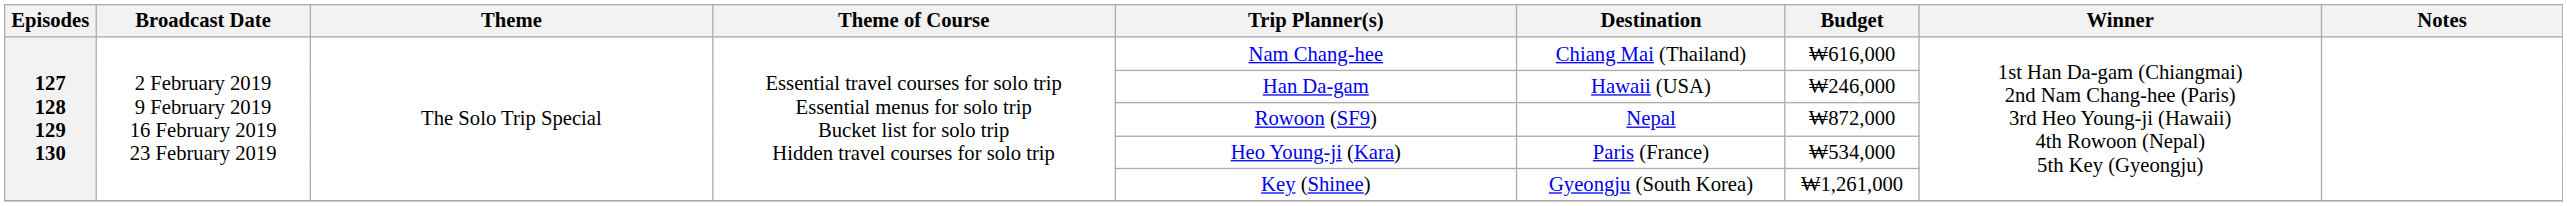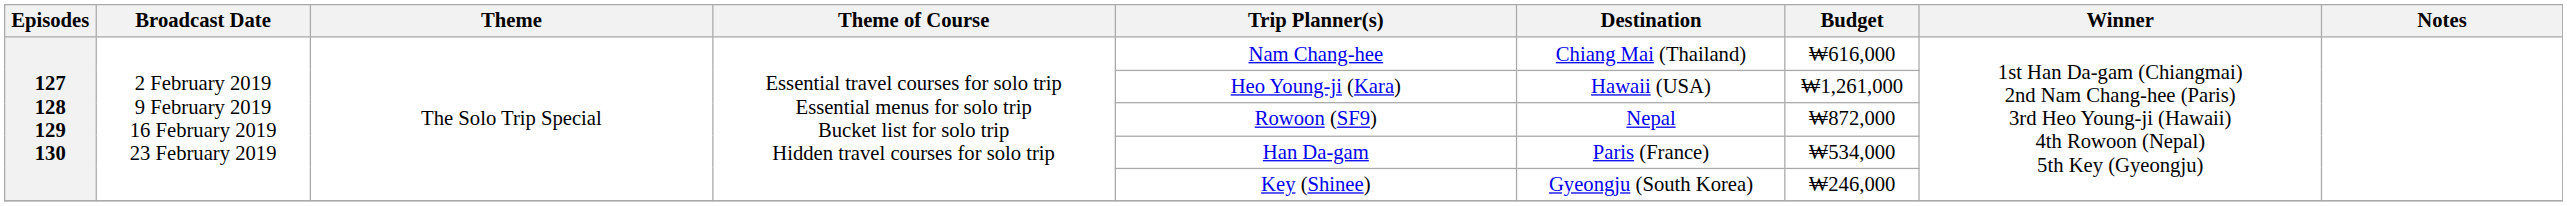 <table class=wikitable style=text-align:center;width:100%;background:#ffffff>
 <tr>
 <th width=3%>Episodes</th>
 <th width=8%>Broadcast Date</th>
 <th width=15%>Theme</th>
 <th width=15%>Theme of Course</th>
 <th width=15%>Trip Planner(s)</th>
 <th width=10%>Destination</th>
 <th width=5%>Budget</th>
 <th width=15%>Winner</th>
 <th width=9%>Notes</th>
 </tr>
 <tr>
 <th rowspan=5>127<br>128<br>129<br>130</th>
 <td rowspan=5>2 February 2019<br>9 February 2019<br>16 February 2019<br>23 February 2019</td>
 <td rowspan=5>The Solo Trip Special</td>
 <td rowspan=5>Essential travel courses for solo trip<br>Essential menus for solo trip<br>Bucket list for solo trip<br>Hidden travel courses for solo trip</td>
 <td><a href='#'>Nam Chang-hee</a></td>
 <td><a href='#'>Chiang Mai</a> (Thailand)</td>
 <td>₩616,000</td>
 <td rowspan=5>1st Han Da-gam (Chiangmai)<br>2nd Nam Chang-hee (Paris)<br>3rd Heo Young-ji (Hawaii)<br>4th Rowoon (Nepal)<br>5th Key (Gyeongju)</td>
 <td rowspan=5></td>
 </tr>
 <tr>
-<td><a href='#'>Han Da-gam</a></td>
+<td><a href='#'>Heo Young-ji</a> (<a href='#'>Kara</a>)</td>
 <td><a href='#'>Hawaii</a> (USA)</td>
-<td>₩246,000</td>
+<td>₩1,261,000</td>
 </tr>
 <tr>
 <td><a href='#'>Rowoon</a> (<a href='#'>SF9</a>)</td>
 <td><a href='#'>Nepal</a></td>
 <td>₩872,000</td>
 </tr>
 <tr>
-<td><a href='#'>Heo Young-ji</a> (<a href='#'>Kara</a>)</td>
+<td><a href='#'>Han Da-gam</a></td>
 <td><a href='#'>Paris</a> (France)</td>
 <td>₩534,000</td>
 </tr>
 <tr>
 <td><a href='#'>Key</a> (<a href='#'>Shinee</a>)</td>
 <td><a href='#'>Gyeongju</a> (South Korea)</td>
-<td>₩1,261,000</td>
+<td>₩246,000</td>
 </tr>
 <tr>
 </tr>
 </table>
